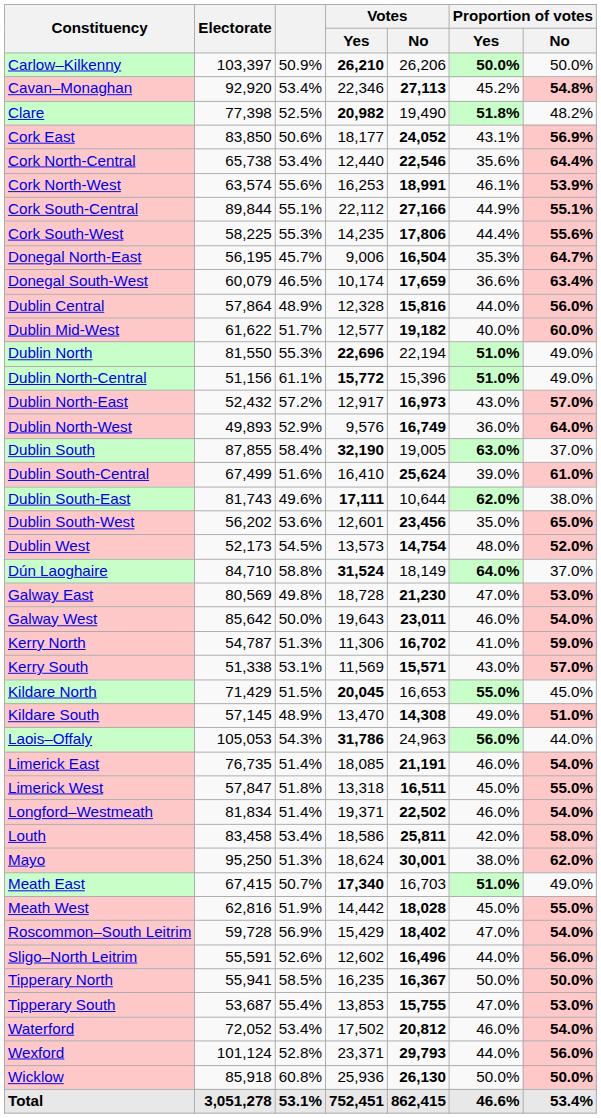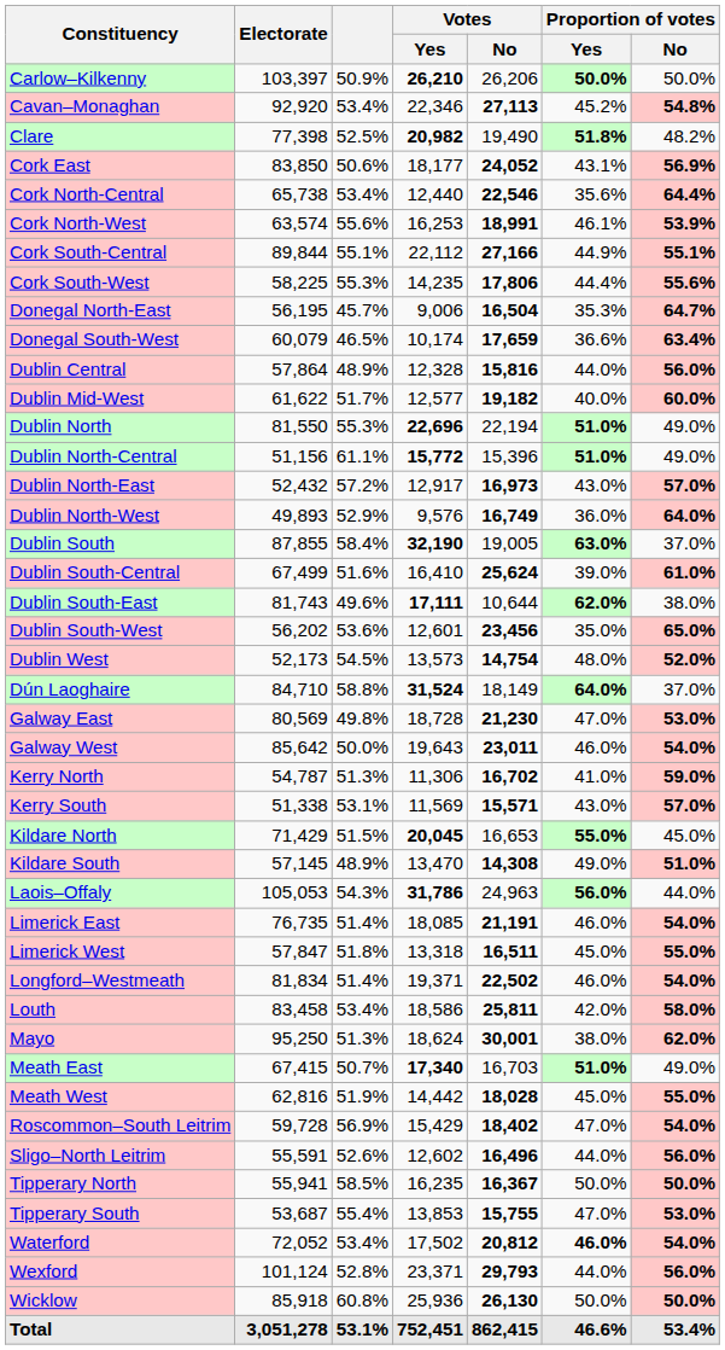 <table class="wikitable sortable">
 <tr>
 <th rowspan=2>Constituency</th>
 <th rowspan=2>Electorate</th>
 <th rowspan=2></th>
 <th colspan=2>Votes</th>
 <th colspan=2>Proportion of votes</th>
 </tr>
 <tr>
 <th>Yes</th>
 <th>No</th>
 <th>Yes</th>
 <th>No</th>
 </tr>
 <tr>
 <td style="background:#c8ffc8;"><a href='#'>Carlow–Kilkenny</a></td>
 <td style="text-align: right;">103,397</td>
 <td style="text-align: right;">50.9%</td>
 <td style="text-align: right;"><strong>26,210</strong></td>
 <td style="text-align: right;">26,206</td>
 <td style="text-align: right; background:#c8ffc8;"><strong>50.0%</strong></td>
 <td style="text-align: right;">50.0%</td>
 </tr>
 <tr>
 <td style="background:#ffc8c8;"><a href='#'>Cavan–Monaghan</a></td>
 <td style="text-align: right;">92,920</td>
 <td style="text-align: right;">53.4%</td>
 <td style="text-align: right;">22,346</td>
 <td style="text-align: right;"><strong>27,113</strong></td>
 <td style="text-align: right;">45.2%</td>
 <td style="text-align: right; background:#ffc8c8;"><strong>54.8%</strong></td>
 </tr>
 <tr>
 <td style="background:#c8ffc8;"><a href='#'>Clare</a></td>
 <td style="text-align: right;">77,398</td>
 <td style="text-align: right;">52.5%</td>
 <td style="text-align: right;"><strong>20,982</strong></td>
 <td style="text-align: right;">19,490</td>
 <td style="text-align: right; background:#c8ffc8;"><strong>51.8%</strong></td>
 <td style="text-align: right;">48.2%</td>
 </tr>
 <tr>
 <td style="background:#ffc8c8;"><a href='#'>Cork East</a></td>
 <td style="text-align: right;">83,850</td>
 <td style="text-align: right;">50.6%</td>
 <td style="text-align: right;">18,177</td>
 <td style="text-align: right;"><strong>24,052</strong></td>
 <td style="text-align: right;">43.1%</td>
 <td style="text-align: right; background:#ffc8c8;"><strong>56.9%</strong></td>
 </tr>
 <tr>
 <td style="background:#ffc8c8;"><a href='#'>Cork North-Central</a></td>
 <td style="text-align: right;">65,738</td>
 <td style="text-align: right;">53.4%</td>
 <td style="text-align: right;">12,440</td>
 <td style="text-align: right;"><strong>22,546</strong></td>
 <td style="text-align: right;">35.6%</td>
 <td style="text-align: right; background:#ffc8c8;"><strong>64.4%</strong></td>
 </tr>
 <tr>
 <td style="background:#ffc8c8;"><a href='#'>Cork North-West</a></td>
 <td style="text-align: right;">63,574</td>
 <td style="text-align: right;">55.6%</td>
 <td style="text-align: right;">16,253</td>
 <td style="text-align: right;"><strong>18,991</strong></td>
 <td style="text-align: right;">46.1%</td>
 <td style="text-align: right; background:#ffc8c8;"><strong>53.9%</strong></td>
 </tr>
 <tr>
 <td style="background:#ffc8c8;"><a href='#'>Cork South-Central</a></td>
 <td style="text-align: right;">89,844</td>
 <td style="text-align: right;">55.1%</td>
 <td style="text-align: right;">22,112</td>
 <td style="text-align: right;"><strong>27,166</strong></td>
 <td style="text-align: right;">44.9%</td>
 <td style="text-align: right; background:#ffc8c8;"><strong>55.1%</strong></td>
 </tr>
 <tr>
 <td style="background:#ffc8c8;"><a href='#'>Cork South-West</a></td>
 <td style="text-align: right;">58,225</td>
 <td style="text-align: right;">55.3%</td>
 <td style="text-align: right;">14,235</td>
 <td style="text-align: right;"><strong>17,806</strong></td>
 <td style="text-align: right;">44.4%</td>
 <td style="text-align: right; background:#ffc8c8;"><strong>55.6%</strong></td>
 </tr>
 <tr>
 <td style="background:#ffc8c8;"><a href='#'>Donegal North-East</a></td>
 <td style="text-align: right;">56,195</td>
 <td style="text-align: right;">45.7%</td>
 <td style="text-align: right;">9,006</td>
 <td style="text-align: right;"><strong>16,504</strong></td>
 <td style="text-align: right;">35.3%</td>
 <td style="text-align: right; background:#ffc8c8;"><strong>64.7%</strong></td>
 </tr>
 <tr>
 <td style="background:#ffc8c8;"><a href='#'>Donegal South-West</a></td>
 <td style="text-align: right;">60,079</td>
 <td style="text-align: right;">46.5%</td>
 <td style="text-align: right;">10,174</td>
 <td style="text-align: right;"><strong>17,659</strong></td>
 <td style="text-align: right;">36.6%</td>
 <td style="text-align: right; background:#ffc8c8;"><strong>63.4%</strong></td>
 </tr>
 <tr>
 <td style="background:#ffc8c8;"><a href='#'>Dublin Central</a></td>
 <td style="text-align: right;">57,864</td>
 <td style="text-align: right;">48.9%</td>
 <td style="text-align: right;">12,328</td>
 <td style="text-align: right;"><strong>15,816</strong></td>
 <td style="text-align: right;">44.0%</td>
 <td style="text-align: right; background:#ffc8c8;"><strong>56.0%</strong></td>
 </tr>
 <tr>
 <td style="background:#ffc8c8;"><a href='#'>Dublin Mid-West</a></td>
 <td style="text-align: right;">61,622</td>
 <td style="text-align: right;">51.7%</td>
 <td style="text-align: right;">12,577</td>
 <td style="text-align: right;"><strong>19,182</strong></td>
 <td style="text-align: right;">40.0%</td>
 <td style="text-align: right; background:#ffc8c8;"><strong>60.0%</strong></td>
 </tr>
 <tr>
 <td style="background:#c8ffc8;"><a href='#'>Dublin North</a></td>
 <td style="text-align: right;">81,550</td>
 <td style="text-align: right;">55.3%</td>
 <td style="text-align: right;"><strong>22,696</strong></td>
 <td style="text-align: right;">22,194</td>
 <td style="text-align: right; background:#c8ffc8;"><strong>51.0%</strong></td>
 <td style="text-align: right;">49.0%</td>
 </tr>
 <tr>
 <td style="background:#c8ffc8;"><a href='#'>Dublin North-Central</a></td>
 <td style="text-align: right;">51,156</td>
 <td style="text-align: right;">61.1%</td>
 <td style="text-align: right;"><strong>15,772</strong></td>
 <td style="text-align: right;">15,396</td>
 <td style="text-align: right; background:#c8ffc8;"><strong>51.0%</strong></td>
 <td style="text-align: right;">49.0%</td>
 </tr>
 <tr>
 <td style="background:#ffc8c8;"><a href='#'>Dublin North-East</a></td>
 <td style="text-align: right;">52,432</td>
 <td style="text-align: right;">57.2%</td>
 <td style="text-align: right;">12,917</td>
 <td style="text-align: right;"><strong>16,973</strong></td>
 <td style="text-align: right;">43.0%</td>
 <td style="text-align: right; background:#ffc8c8;"><strong>57.0%</strong></td>
 </tr>
 <tr>
 <td style="background:#ffc8c8;"><a href='#'>Dublin North-West</a></td>
 <td style="text-align: right;">49,893</td>
 <td style="text-align: right;">52.9%</td>
 <td style="text-align: right;">9,576</td>
 <td style="text-align: right;"><strong>16,749</strong></td>
 <td style="text-align: right;">36.0%</td>
 <td style="text-align: right; background:#ffc8c8;"><strong>64.0%</strong></td>
 </tr>
 <tr>
 <td style="background:#c8ffc8;"><a href='#'>Dublin South</a></td>
 <td style="text-align: right;">87,855</td>
 <td style="text-align: right;">58.4%</td>
 <td style="text-align: right;"><strong>32,190</strong></td>
 <td style="text-align: right;">19,005</td>
 <td style="text-align: right; background:#c8ffc8;"><strong>63.0%</strong></td>
 <td style="text-align: right;">37.0%</td>
 </tr>
 <tr>
 <td style="background:#ffc8c8;"><a href='#'>Dublin South-Central</a></td>
 <td style="text-align: right;">67,499</td>
 <td style="text-align: right;">51.6%</td>
 <td style="text-align: right;">16,410</td>
 <td style="text-align: right;"><strong>25,624</strong></td>
 <td style="text-align: right;">39.0%</td>
 <td style="text-align: right; background:#ffc8c8;"><strong>61.0%</strong></td>
 </tr>
 <tr>
 <td style="background:#c8ffc8;"><a href='#'>Dublin South-East</a></td>
 <td style="text-align: right;">81,743</td>
 <td style="text-align: right;">49.6%</td>
 <td style="text-align: right;"><strong>17,111</strong></td>
 <td style="text-align: right;">10,644</td>
 <td style="text-align: right; background:#c8ffc8;"><strong>62.0%</strong></td>
 <td style="text-align: right;">38.0%</td>
 </tr>
 <tr>
 <td style="background:#ffc8c8;"><a href='#'>Dublin South-West</a></td>
 <td style="text-align: right;">56,202</td>
 <td style="text-align: right;">53.6%</td>
 <td style="text-align: right;">12,601</td>
 <td style="text-align: right;"><strong>23,456</strong></td>
 <td style="text-align: right;">35.0%</td>
 <td style="text-align: right; background:#ffc8c8;"><strong>65.0%</strong></td>
 </tr>
 <tr>
 <td style="background:#ffc8c8;"><a href='#'>Dublin West</a></td>
 <td style="text-align: right;">52,173</td>
 <td style="text-align: right;">54.5%</td>
 <td style="text-align: right;">13,573</td>
 <td style="text-align: right;"><strong>14,754</strong></td>
 <td style="text-align: right;">48.0%</td>
 <td style="text-align: right; background:#ffc8c8;"><strong>52.0%</strong></td>
 </tr>
 <tr>
 <td style="background:#c8ffc8;"><a href='#'>Dún Laoghaire</a></td>
 <td style="text-align: right;">84,710</td>
 <td style="text-align: right;">58.8%</td>
 <td style="text-align: right;"><strong>31,524</strong></td>
 <td style="text-align: right;">18,149</td>
 <td style="text-align: right; background:#c8ffc8;"><strong>64.0%</strong></td>
 <td style="text-align: right;">37.0%</td>
 </tr>
 <tr>
 <td style="background:#ffc8c8;"><a href='#'>Galway East</a></td>
 <td style="text-align: right;">80,569</td>
 <td style="text-align: right;">49.8%</td>
 <td style="text-align: right;">18,728</td>
 <td style="text-align: right;"><strong>21,230</strong></td>
 <td style="text-align: right;">47.0%</td>
 <td style="text-align: right; background:#ffc8c8;"><strong>53.0%</strong></td>
 </tr>
 <tr>
 <td style="background:#ffc8c8;"><a href='#'>Galway West</a></td>
 <td style="text-align: right;">85,642</td>
 <td style="text-align: right;">50.0%</td>
 <td style="text-align: right;">19,643</td>
 <td style="text-align: right;"><strong>23,011</strong></td>
 <td style="text-align: right;">46.0%</td>
 <td style="text-align: right; background:#ffc8c8;"><strong>54.0%</strong></td>
 </tr>
 <tr>
 <td style="background:#ffc8c8;"><a href='#'>Kerry North</a></td>
 <td style="text-align: right;">54,787</td>
 <td style="text-align: right;">51.3%</td>
 <td style="text-align: right;">11,306</td>
 <td style="text-align: right;"><strong>16,702</strong></td>
 <td style="text-align: right;">41.0%</td>
 <td style="text-align: right; background:#ffc8c8;"><strong>59.0%</strong></td>
 </tr>
 <tr>
 <td style="background:#ffc8c8;"><a href='#'>Kerry South</a></td>
 <td style="text-align: right;">51,338</td>
 <td style="text-align: right;">53.1%</td>
 <td style="text-align: right;">11,569</td>
 <td style="text-align: right;"><strong>15,571</strong></td>
 <td style="text-align: right;">43.0%</td>
 <td style="text-align: right; background:#ffc8c8;"><strong>57.0%</strong></td>
 </tr>
 <tr>
 <td style="background:#c8ffc8;"><a href='#'>Kildare North</a></td>
 <td style="text-align: right;">71,429</td>
 <td style="text-align: right;">51.5%</td>
 <td style="text-align: right;"><strong>20,045</strong></td>
 <td style="text-align: right;">16,653</td>
 <td style="text-align: right; background:#c8ffc8;"><strong>55.0%</strong></td>
 <td style="text-align: right;">45.0%</td>
 </tr>
 <tr>
 <td style="background:#ffc8c8;"><a href='#'>Kildare South</a></td>
 <td style="text-align: right;">57,145</td>
 <td style="text-align: right;">48.9%</td>
 <td style="text-align: right;">13,470</td>
 <td style="text-align: right;"><strong>14,308</strong></td>
 <td style="text-align: right;">49.0%</td>
 <td style="text-align: right; background:#ffc8c8;"><strong>51.0%</strong></td>
 </tr>
 <tr>
 <td style="background:#c8ffc8;"><a href='#'>Laois–Offaly</a></td>
 <td style="text-align: right;">105,053</td>
 <td style="text-align: right;">54.3%</td>
 <td style="text-align: right;"><strong>31,786</strong></td>
 <td style="text-align: right;">24,963</td>
 <td style="text-align: right; background:#c8ffc8;"><strong>56.0%</strong></td>
 <td style="text-align: right;">44.0%</td>
 </tr>
 <tr>
 <td style="background:#ffc8c8;"><a href='#'>Limerick East</a></td>
 <td style="text-align: right;">76,735</td>
 <td style="text-align: right;">51.4%</td>
 <td style="text-align: right;">18,085</td>
 <td style="text-align: right;"><strong>21,191</strong></td>
 <td style="text-align: right;">46.0%</td>
 <td style="text-align: right; background:#ffc8c8;"><strong>54.0%</strong></td>
 </tr>
 <tr>
 <td style="background:#ffc8c8;"><a href='#'>Limerick West</a></td>
 <td style="text-align: right;">57,847</td>
 <td style="text-align: right;">51.8%</td>
 <td style="text-align: right;">13,318</td>
 <td style="text-align: right;"><strong>16,511</strong></td>
 <td style="text-align: right;">45.0%</td>
 <td style="text-align: right; background:#ffc8c8;"><strong>55.0%</strong></td>
 </tr>
 <tr>
 <td style="background:#ffc8c8;"><a href='#'>Longford–Westmeath</a></td>
 <td style="text-align: right;">81,834</td>
 <td style="text-align: right;">51.4%</td>
 <td style="text-align: right;">19,371</td>
 <td style="text-align: right;"><strong>22,502</strong></td>
 <td style="text-align: right;">46.0%</td>
 <td style="text-align: right; background:#ffc8c8;"><strong>54.0%</strong></td>
 </tr>
 <tr>
 <td style="background:#ffc8c8;"><a href='#'>Louth</a></td>
 <td style="text-align: right;">83,458</td>
 <td style="text-align: right;">53.4%</td>
 <td style="text-align: right;">18,586</td>
 <td style="text-align: right;"><strong>25,811</strong></td>
 <td style="text-align: right;">42.0%</td>
 <td style="text-align: right; background:#ffc8c8;"><strong>58.0%</strong></td>
 </tr>
 <tr>
 <td style="background:#ffc8c8;"><a href='#'>Mayo</a></td>
 <td style="text-align: right;">95,250</td>
 <td style="text-align: right;">51.3%</td>
 <td style="text-align: right;">18,624</td>
 <td style="text-align: right;"><strong>30,001</strong></td>
 <td style="text-align: right;">38.0%</td>
 <td style="text-align: right; background:#ffc8c8;"><strong>62.0%</strong></td>
 </tr>
 <tr>
 <td style="background:#c8ffc8;"><a href='#'>Meath East</a></td>
 <td style="text-align: right;">67,415</td>
 <td style="text-align: right;">50.7%</td>
 <td style="text-align: right;"><strong>17,340</strong></td>
 <td style="text-align: right;">16,703</td>
 <td style="text-align: right; background:#c8ffc8;"><strong>51.0%</strong></td>
 <td style="text-align: right;">49.0%</td>
 </tr>
 <tr>
 <td style="background:#ffc8c8;"><a href='#'>Meath West</a></td>
 <td style="text-align: right;">62,816</td>
 <td style="text-align: right;">51.9%</td>
 <td style="text-align: right;">14,442</td>
 <td style="text-align: right;"><strong>18,028</strong></td>
 <td style="text-align: right;">45.0%</td>
 <td style="text-align: right; background:#ffc8c8;"><strong>55.0%</strong></td>
 </tr>
 <tr>
 <td style="background:#ffc8c8;"><a href='#'>Roscommon–South Leitrim</a></td>
 <td style="text-align: right;">59,728</td>
 <td style="text-align: right;">56.9%</td>
 <td style="text-align: right;">15,429</td>
 <td style="text-align: right;"><strong>18,402</strong></td>
 <td style="text-align: right;">47.0%</td>
 <td style="text-align: right; background:#ffc8c8;"><strong>54.0%</strong></td>
 </tr>
 <tr>
 <td style="background:#ffc8c8;"><a href='#'>Sligo–North Leitrim</a></td>
 <td style="text-align: right;">55,591</td>
 <td style="text-align: right;">52.6%</td>
 <td style="text-align: right;">12,602</td>
 <td style="text-align: right;"><strong>16,496</strong></td>
 <td style="text-align: right;">44.0%</td>
 <td style="text-align: right; background:#ffc8c8;"><strong>56.0%</strong></td>
 </tr>
 <tr>
 <td style="background:#ffc8c8;"><a href='#'>Tipperary North</a></td>
 <td style="text-align: right;">55,941</td>
 <td style="text-align: right;">58.5%</td>
 <td style="text-align: right;">16,235</td>
 <td style="text-align: right;"><strong>16,367</strong></td>
 <td style="text-align: right;">50.0%</td>
 <td style="text-align: right; background:#ffc8c8;"><strong>50.0%</strong></td>
 </tr>
 <tr>
 <td style="background:#ffc8c8;"><a href='#'>Tipperary South</a></td>
 <td style="text-align: right;">53,687</td>
 <td style="text-align: right;">55.4%</td>
 <td style="text-align: right;">13,853</td>
 <td style="text-align: right;"><strong>15,755</strong></td>
 <td style="text-align: right;">47.0%</td>
 <td style="text-align: right; background:#ffc8c8;"><strong>53.0%</strong></td>
 </tr>
 <tr>
 <td style="background:#ffc8c8;"><a href='#'>Waterford</a></td>
 <td style="text-align: right;">72,052</td>
 <td style="text-align: right;">53.4%</td>
 <td style="text-align: right;">17,502</td>
 <td style="text-align: right;"><strong>20,812</strong></td>
-<td style="text-align: right;">46.0%</td>
+<td style="text-align: right;"><strong>46.0%</strong></td>
 <td style="text-align: right; background:#ffc8c8;"><strong>54.0%</strong></td>
 </tr>
 <tr>
 <td style="background:#ffc8c8;"><a href='#'>Wexford</a></td>
 <td style="text-align: right;">101,124</td>
 <td style="text-align: right;">52.8%</td>
 <td style="text-align: right;">23,371</td>
 <td style="text-align: right;"><strong>29,793</strong></td>
 <td style="text-align: right;">44.0%</td>
 <td style="text-align: right; background:#ffc8c8;"><strong>56.0%</strong></td>
 </tr>
 <tr>
 <td style="background:#ffc8c8;"><a href='#'>Wicklow</a></td>
 <td style="text-align: right;">85,918</td>
 <td style="text-align: right;">60.8%</td>
 <td style="text-align: right;">25,936</td>
 <td style="text-align: right;"><strong>26,130</strong></td>
 <td style="text-align: right;">50.0%</td>
 <td style="text-align: right; background:#ffc8c8;"><strong>50.0%</strong></td>
 </tr>
 <tr class="sortbottom" style="font-weight:bold; background-color:rgb(232,232,232);">
 <td>Total</td>
 <td style="text-align: right;">3,051,278</td>
 <td style="text-align: right;">53.1%</td>
 <td style="text-align: right;">752,451</td>
 <td style="text-align: right;">862,415</td>
 <td style="text-align: right;">46.6%</td>
 <td style="text-align: right;">53.4%</td>
 </tr>
 </table>
